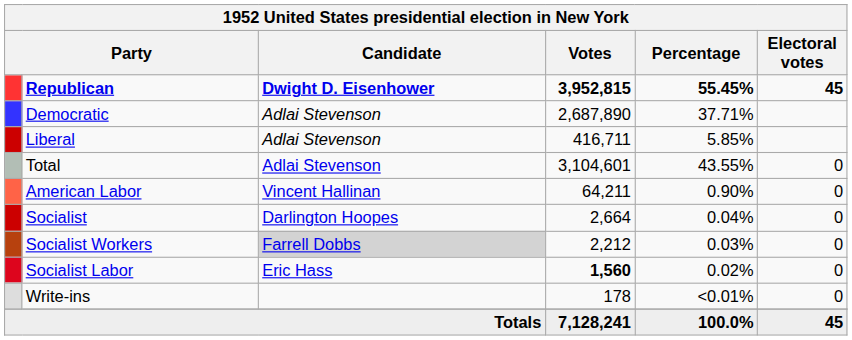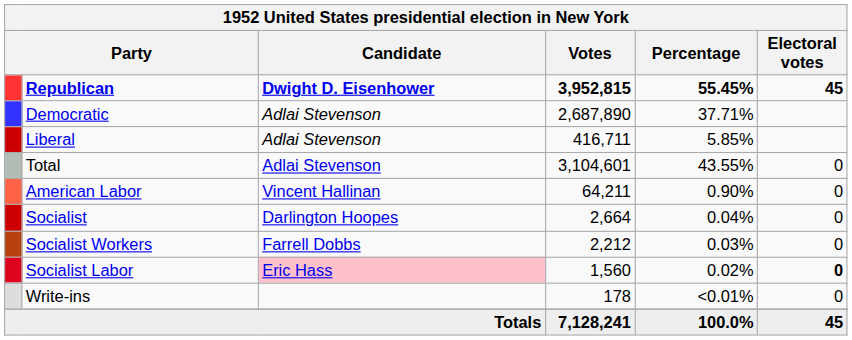 <table class="wikitable" style="font-size: 95%;">
 <tr>
 <th colspan="6">1952 United States presidential election in New York</th>
 </tr>
 <tr>
 <th colspan="2" style="width: 15em">Party</th>
 <th style="width: 17em">Candidate</th>
 <th style="width: 5em">Votes</th>
 <th style="width: 7em">Percentage</th>
 <th style="width: 5em">Electoral votes</th>
 </tr>
 <tr>
 <th style="background-color:#FF3333; width: 3px"></th>
 <td style="width: 130px"><strong><a href='#'>Republican</a></strong></td>
 <td><strong><a href='#'>Dwight D. Eisenhower</a></strong></td>
 <td align="right"><strong>3,952,815</strong></td>
 <td align="right"><strong>55.45%</strong></td>
 <td align="right"><strong>45</strong></td>
 </tr>
 <tr>
 <th style="background-color:#3333FF; width: 3px"></th>
 <td style="width: 130px"><a href='#'>Democratic</a></td>
 <td><em>Adlai Stevenson</em></td>
 <td align="right">2,687,890</td>
 <td align="right">37.71%</td>
 <td align="right"></td>
 </tr>
 <tr>
 <th style="background-color:#CC0000; width: 3px"></th>
 <td style="width: 130px"><a href='#'>Liberal</a></td>
 <td><em>Adlai Stevenson</em></td>
 <td align="right">416,711</td>
 <td align="right">5.85%</td>
 <td align="right"></td>
 </tr>
 <tr>
 <th style="background-color:#B2BEB5; width: 3px"></th>
 <td style="width: 130px">Total</td>
 <td><a href='#'>Adlai Stevenson</a></td>
 <td align="right">3,104,601</td>
 <td align="right">43.55%</td>
 <td align="right">0</td>
 </tr>
 <tr>
 <th style="background-color:#FF6347; width: 3px"></th>
 <td style="width: 130px"><a href='#'>American Labor</a></td>
 <td><a href='#'>Vincent Hallinan</a></td>
 <td align="right">64,211</td>
 <td align="right">0.90%</td>
 <td align="right">0</td>
 </tr>
 <tr>
 <th style="background-color:#CC0000; width: 3px"></th>
 <td style="width: 130px"><a href='#'>Socialist</a></td>
 <td><a href='#'>Darlington Hoopes</a></td>
 <td align="right">2,664</td>
 <td align="right">0.04%</td>
 <td align="right">0</td>
 </tr>
 <tr>
 <th style="background-color:#B7410E; width: 3px"></th>
 <td style="width: 130px"><a href='#'>Socialist Workers</a></td>
-<td style="background: lightgrey;"><a href='#'>Farrell Dobbs</a></td>
+<td><a href='#'>Farrell Dobbs</a></td>
 <td align="right">2,212</td>
 <td align="right">0.03%</td>
 <td align="right">0</td>
 </tr>
 <tr>
 <th style="background-color:#DD051D; width: 3px"></th>
 <td style="width: 130px"><a href='#'>Socialist Labor</a></td>
-<td><a href='#'>Eric Hass</a></td>
-<td align="right"><strong>1,560</strong></td>
+<td style="background: pink;"><a href='#'>Eric Hass</a></td>
+<td align="right">1,560</td>
 <td align="right">0.02%</td>
-<td align="right">0</td>
+<td align="right"><strong>0</strong></td>
 </tr>
 <tr>
 <th style="background-color:#DDDDDD; width: 3px"></th>
 <td style="width: 130px">Write-ins</td>
 <td></td>
 <td align="right">178</td>
 <td align="right"><0.01%</td>
 <td align="right">0</td>
 </tr>
 <tr>
 </tr>
 <tr bgcolor="#EEEEEE">
 <td colspan="3" align="right"><strong>Totals</strong></td>
 <td align="right"><strong>7,128,241</strong></td>
 <td align="right"><strong>100.0%</strong></td>
 <td align="right"><strong>45</strong></td>
 </tr>
 </table>
